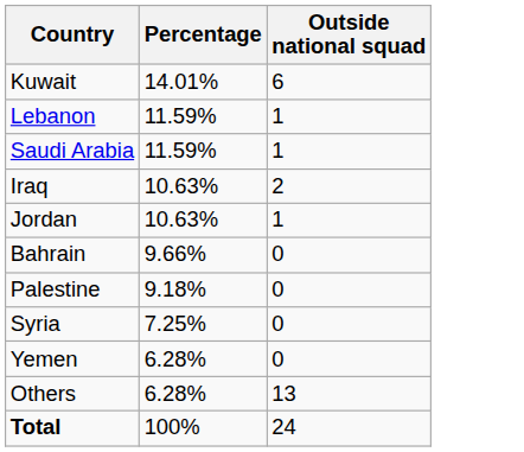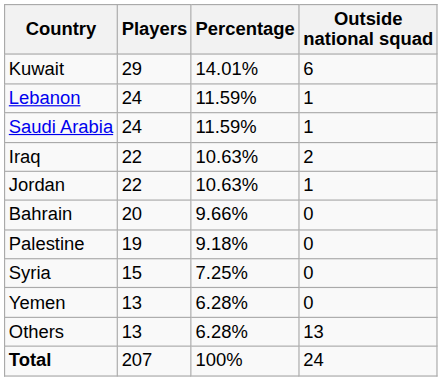 <table class="wikitable sortable">
 <tr>
 <th>Country</th>
+<th>Players</th>
 <th>Percentage</th>
 <th>Outside<br>national squad</th>
 </tr>
 <tr>
 <td> Kuwait</td>
+<td>29</td>
 <td>14.01%</td>
 <td>6</td>
 </tr>
 <tr>
 <td> <a href='#'>Lebanon</a></td>
+<td>24</td>
 <td>11.59%</td>
 <td>1</td>
 </tr>
 <tr>
 <td> <a href='#'>Saudi Arabia</a></td>
+<td>24</td>
 <td>11.59%</td>
 <td>1</td>
 </tr>
 <tr>
 <td> Iraq</td>
+<td>22</td>
 <td>10.63%</td>
 <td>2</td>
 </tr>
 <tr>
 <td> Jordan</td>
+<td>22</td>
 <td>10.63%</td>
 <td>1</td>
 </tr>
 <tr>
 <td> Bahrain</td>
+<td>20</td>
 <td>9.66%</td>
 <td>0</td>
 </tr>
 <tr>
 <td> Palestine</td>
+<td>19</td>
 <td>9.18%</td>
 <td>0</td>
 </tr>
 <tr>
 <td> Syria</td>
+<td>15</td>
 <td>7.25%</td>
 <td>0</td>
 </tr>
 <tr>
 <td> Yemen</td>
+<td>13</td>
 <td>6.28%</td>
 <td>0</td>
 </tr>
 <tr>
 <td>Others</td>
+<td>13</td>
 <td>6.28%</td>
 <td>13</td>
 </tr>
 <tr>
 <td><strong>Total</strong></td>
+<td>207</td>
 <td>100%</td>
 <td>24</td>
 </tr>
 </table>
